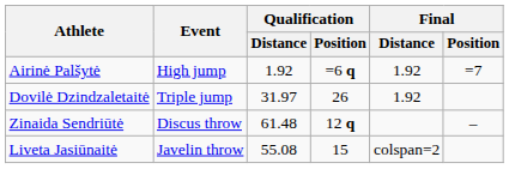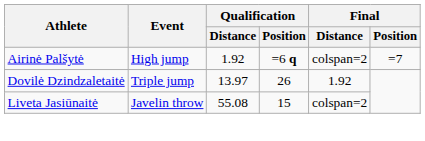 <table class=wikitable style="font-size:90%">
 <tr>
 <th rowspan="2">Athlete</th>
 <th rowspan="2">Event</th>
 <th colspan="2">Qualification</th>
 <th colspan="2">Final</th>
 </tr>
 <tr style="font-size:95%">
 <th>Distance</th>
 <th>Position</th>
 <th>Distance</th>
 <th>Position</th>
 </tr>
 <tr style=text-align:center>
 <td style=text-align:left><a href='#'>Airinė Palšytė</a></td>
 <td style=text-align:left><a href='#'>High jump</a></td>
 <td>1.92</td>
 <td>=6 <strong>q</strong></td>
-<td>1.92</td>
+<td>colspan=2 </td>
 <td>=7</td>
 </tr>
 <tr style=text-align:center>
 <td style=text-align:left><a href='#'>Dovilė Dzindzaletaitė</a></td>
 <td style=text-align:left><a href='#'>Triple jump</a></td>
-<td>31.97</td>
+<td>13.97</td>
 <td>26</td>
 <td>1.92</td>
-</tr>
-<tr style=text-align:center>
-<td style=text-align:left><a href='#'>Zinaida Sendriūtė</a></td>
-<td style=text-align:left><a href='#'>Discus throw</a></td>
-<td>61.48 <strong></strong></td>
-<td>12 <strong>q</strong></td>
-<td></td>
-<td>–</td>
 </tr>
 <tr style=text-align:center>
 <td style=text-align:left><a href='#'>Liveta Jasiūnaitė</a></td>
 <td style=text-align:left><a href='#'>Javelin throw</a></td>
 <td>55.08</td>
 <td>15</td>
 <td>colspan=2 </td>
 </tr>
 </table>
